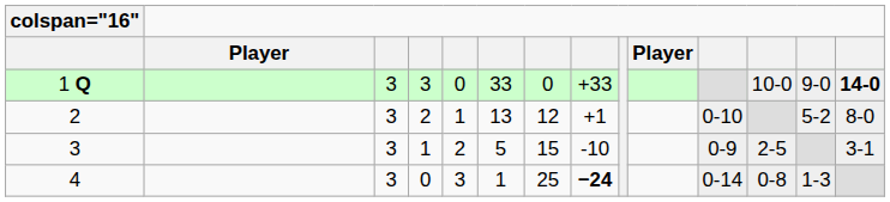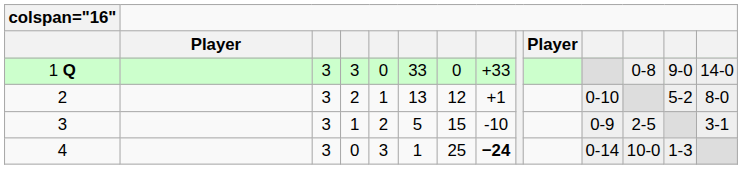 <table class=wikitable style=text-align:center>
 <tr>
 <th>colspan="16" </th>
 </tr>
 <tr>
 <th width=20 abbr=Position></th>
 <th width=175>Player</th>
 <th width=20 abbr=Played></th>
 <th width=20 abbr=Won></th>
 <th width=20 abbr=Lost></th>
 <th width=30 abbr=Points for></th>
 <th width=30 abbr=Points against></th>
 <th width=30 abbr=Points difference></th>
 <th rowspan="5" abbr=H2H></th>
 <th>Player</th>
 <th></th>
 <th></th>
 <th></th>
 <th></th>
 </tr>
 <tr bgcolor=#CCFFCC>
 <td>1 <strong>Q</strong></td>
 <td align=left></td>
 <td>3</td>
 <td>3</td>
 <td>0</td>
 <td>33</td>
 <td>0</td>
 <td>+33</td>
 <td></td>
 <td bgcolor="#dddddd"> </td>
-<td bgcolor="#efefef">10-0</td>
+<td bgcolor="#efefef">0-8</td>
 <td bgcolor="#efefef">9-0</td>
-<td bgcolor="#efefef"><strong>14-0</strong></td>
+<td bgcolor="#efefef">14-0</td>
 </tr>
 <tr>
 <td>2  </td>
 <td align=left></td>
 <td>3</td>
 <td>2</td>
 <td>1</td>
 <td>13</td>
 <td>12</td>
 <td>+1</td>
 <td></td>
 <td bgcolor="#efefef">0-10</td>
 <td bgcolor="#dddddd"> </td>
 <td bgcolor="#efefef">5-2</td>
 <td bgcolor="#efefef">8-0</td>
 </tr>
 <tr>
 <td>3 </td>
 <td align=left></td>
 <td>3</td>
 <td>1</td>
 <td>2</td>
 <td>5</td>
 <td>15</td>
 <td>-10</td>
 <td></td>
 <td bgcolor="#efefef">0-9</td>
 <td bgcolor="#efefef">2-5</td>
 <td bgcolor="#dddddd"> </td>
 <td bgcolor="#efefef">3-1</td>
 </tr>
 <tr>
 <td>4 </td>
 <td align=left></td>
 <td>3</td>
 <td>0</td>
 <td>3</td>
 <td>1</td>
 <td>25</td>
 <td><strong>−24</strong></td>
 <td></td>
 <td bgcolor="#efefef">0-14</td>
-<td bgcolor="#efefef">0-8</td>
+<td bgcolor="#efefef">10-0</td>
 <td bgcolor="#efefef">1-3</td>
 <td bgcolor="#dddddd"> </td>
 </tr>
 </table>
